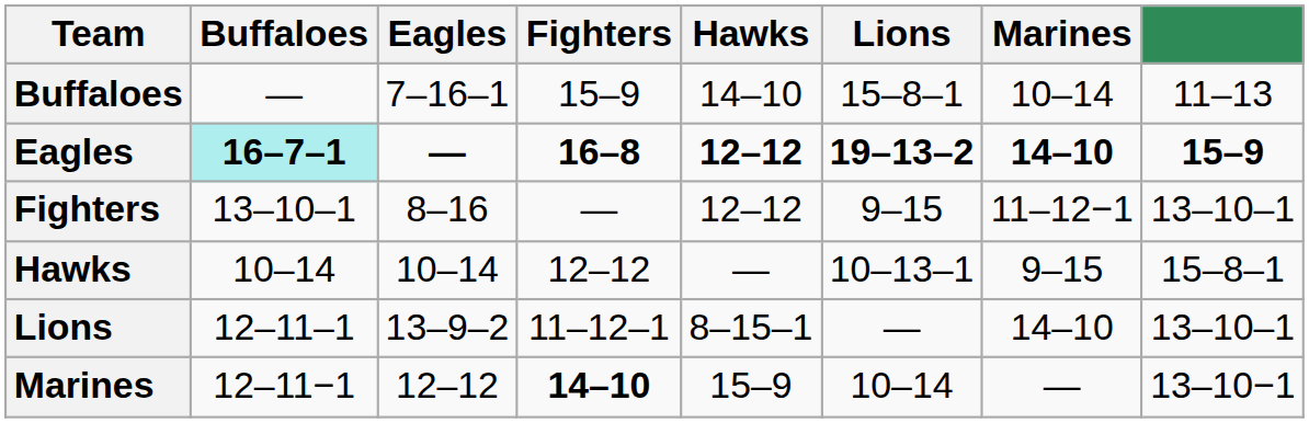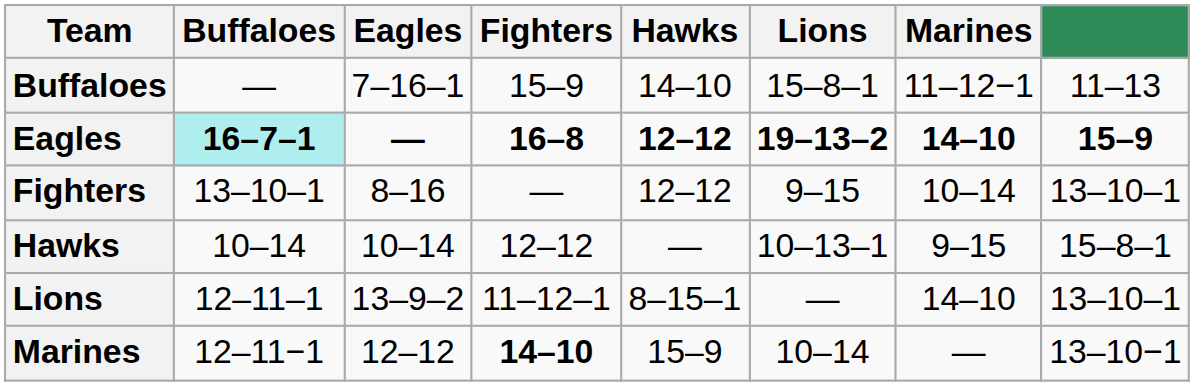 <table class="wikitable plainrowheaders" style="text-align:center;">
 <tr>
 <th>Team</th>
 <th>Buffaloes</th>
 <th>Eagles</th>
 <th>Fighters</th>
 <th>Hawks</th>
 <th>Lions</th>
 <th>Marines</th>
 <th style="background:#2e8b57; color:white;"></th>
 </tr>
 <tr>
 <th scope="row" style="text-align:left;">Buffaloes</th>
 <td>—</td>
 <td>7–16–1</td>
 <td>15–9</td>
 <td>14–10</td>
 <td>15–8–1</td>
-<td>10–14</td>
+<td>11–12−1</td>
 <td>11–13</td>
 </tr>
 <tr>
 <th scope="row" style="text-align:left;"><strong>Eagles</strong></th>
 <td style="background: paleturquoise;"><strong>16–7–1</strong></td>
 <td><strong>—</strong></td>
 <td><strong>16–8</strong></td>
 <td><strong>12–12</strong></td>
 <td><strong>19–13–2</strong></td>
 <td><strong>14–10</strong></td>
 <td><strong>15–9</strong></td>
 </tr>
 <tr>
 <th scope="row" style="text-align:left;">Fighters</th>
 <td>13–10–1</td>
 <td>8–16</td>
 <td>—</td>
 <td>12–12</td>
 <td>9–15</td>
-<td>11–12−1</td>
+<td>10–14</td>
 <td>13–10–1</td>
 </tr>
 <tr>
 <th scope="row" style="text-align:left;">Hawks</th>
 <td>10–14</td>
 <td>10–14</td>
 <td>12–12</td>
 <td>—</td>
 <td>10–13–1</td>
 <td>9–15</td>
 <td>15–8–1</td>
 </tr>
 <tr>
 <th scope="row" style="text-align:left;">Lions</th>
 <td>12–11–1</td>
 <td>13–9–2</td>
 <td>11–12–1</td>
 <td>8–15–1</td>
 <td>—</td>
 <td>14–10</td>
 <td>13–10–1</td>
 </tr>
 <tr>
 <th scope="row" style="text-align:left;">Marines</th>
 <td>12–11−1</td>
 <td>12–12</td>
 <td><strong>14–10</strong></td>
 <td>15–9</td>
 <td>10–14</td>
 <td>—</td>
 <td>13–10−1</td>
 </tr>
 </table>
